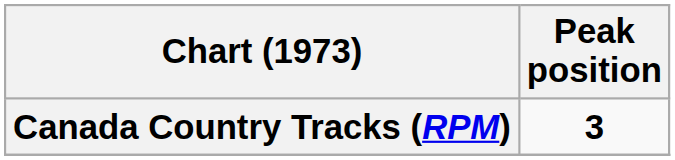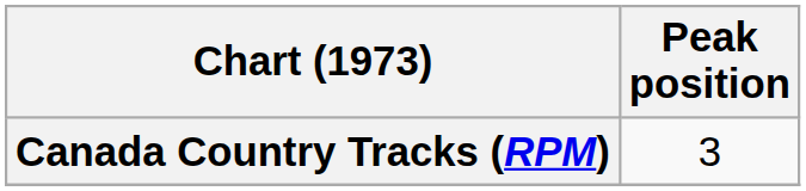 <table class="wikitable sortable plainrowheaders" style="text-align:center">
 <tr>
 <th scope="col">Chart (1973)</th>
 <th scope="col">Peak<br>position</th>
 </tr>
 <tr>
 <th scope="row">Canada Country Tracks (<em><a href='#'>RPM</a></em>)</th>
-<td align="center"><strong>3</strong></td>
+<td align="center">3</td>
 </tr>
 <tr>
 </tr>
 <tr>
 </tr>
 <tr>
 </tr>
 </table>
